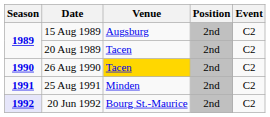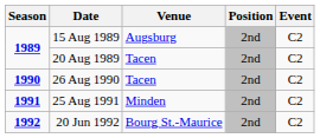 <table class="wikitable" style="text-align:center; font-size:95%;">
 <tr>
 <th>Season</th>
 <th>Date</th>
 <th>Venue</th>
 <th>Position</th>
 <th>Event</th>
 </tr>
 <tr>
 <td rowspan=2><strong><a href='#'>1989</a></strong></td>
 <td align=right>15 Aug 1989</td>
 <td align=left><a href='#'>Augsburg</a></td>
 <td bgcolor=silver>2nd</td>
 <td>C2</td>
 </tr>
 <tr>
 <td align=right>20 Aug 1989</td>
 <td align=left><a href='#'>Tacen</a></td>
 <td bgcolor=silver>2nd</td>
 <td>C2</td>
 </tr>
 <tr>
 <td><strong><a href='#'>1990</a></strong></td>
 <td align=right>26 Aug 1990</td>
-<td align=left style="background: gold;"><a href='#'>Tacen</a></td>
+<td align=left><a href='#'>Tacen</a></td>
 <td bgcolor=silver>2nd</td>
 <td>C2</td>
 </tr>
 <tr>
 <td><strong><a href='#'>1991</a></strong></td>
 <td align=right>25 Aug 1991</td>
 <td align=left><a href='#'>Minden</a></td>
 <td bgcolor=silver>2nd</td>
 <td>C2</td>
 </tr>
 <tr>
-<td style="background: lavender;"><strong><a href='#'>1992</a></strong></td>
+<td><strong><a href='#'>1992</a></strong></td>
 <td align=right>20 Jun 1992</td>
 <td align=left><a href='#'>Bourg St.-Maurice</a></td>
 <td bgcolor=silver>2nd</td>
 <td>C2</td>
 </tr>
 </table>
